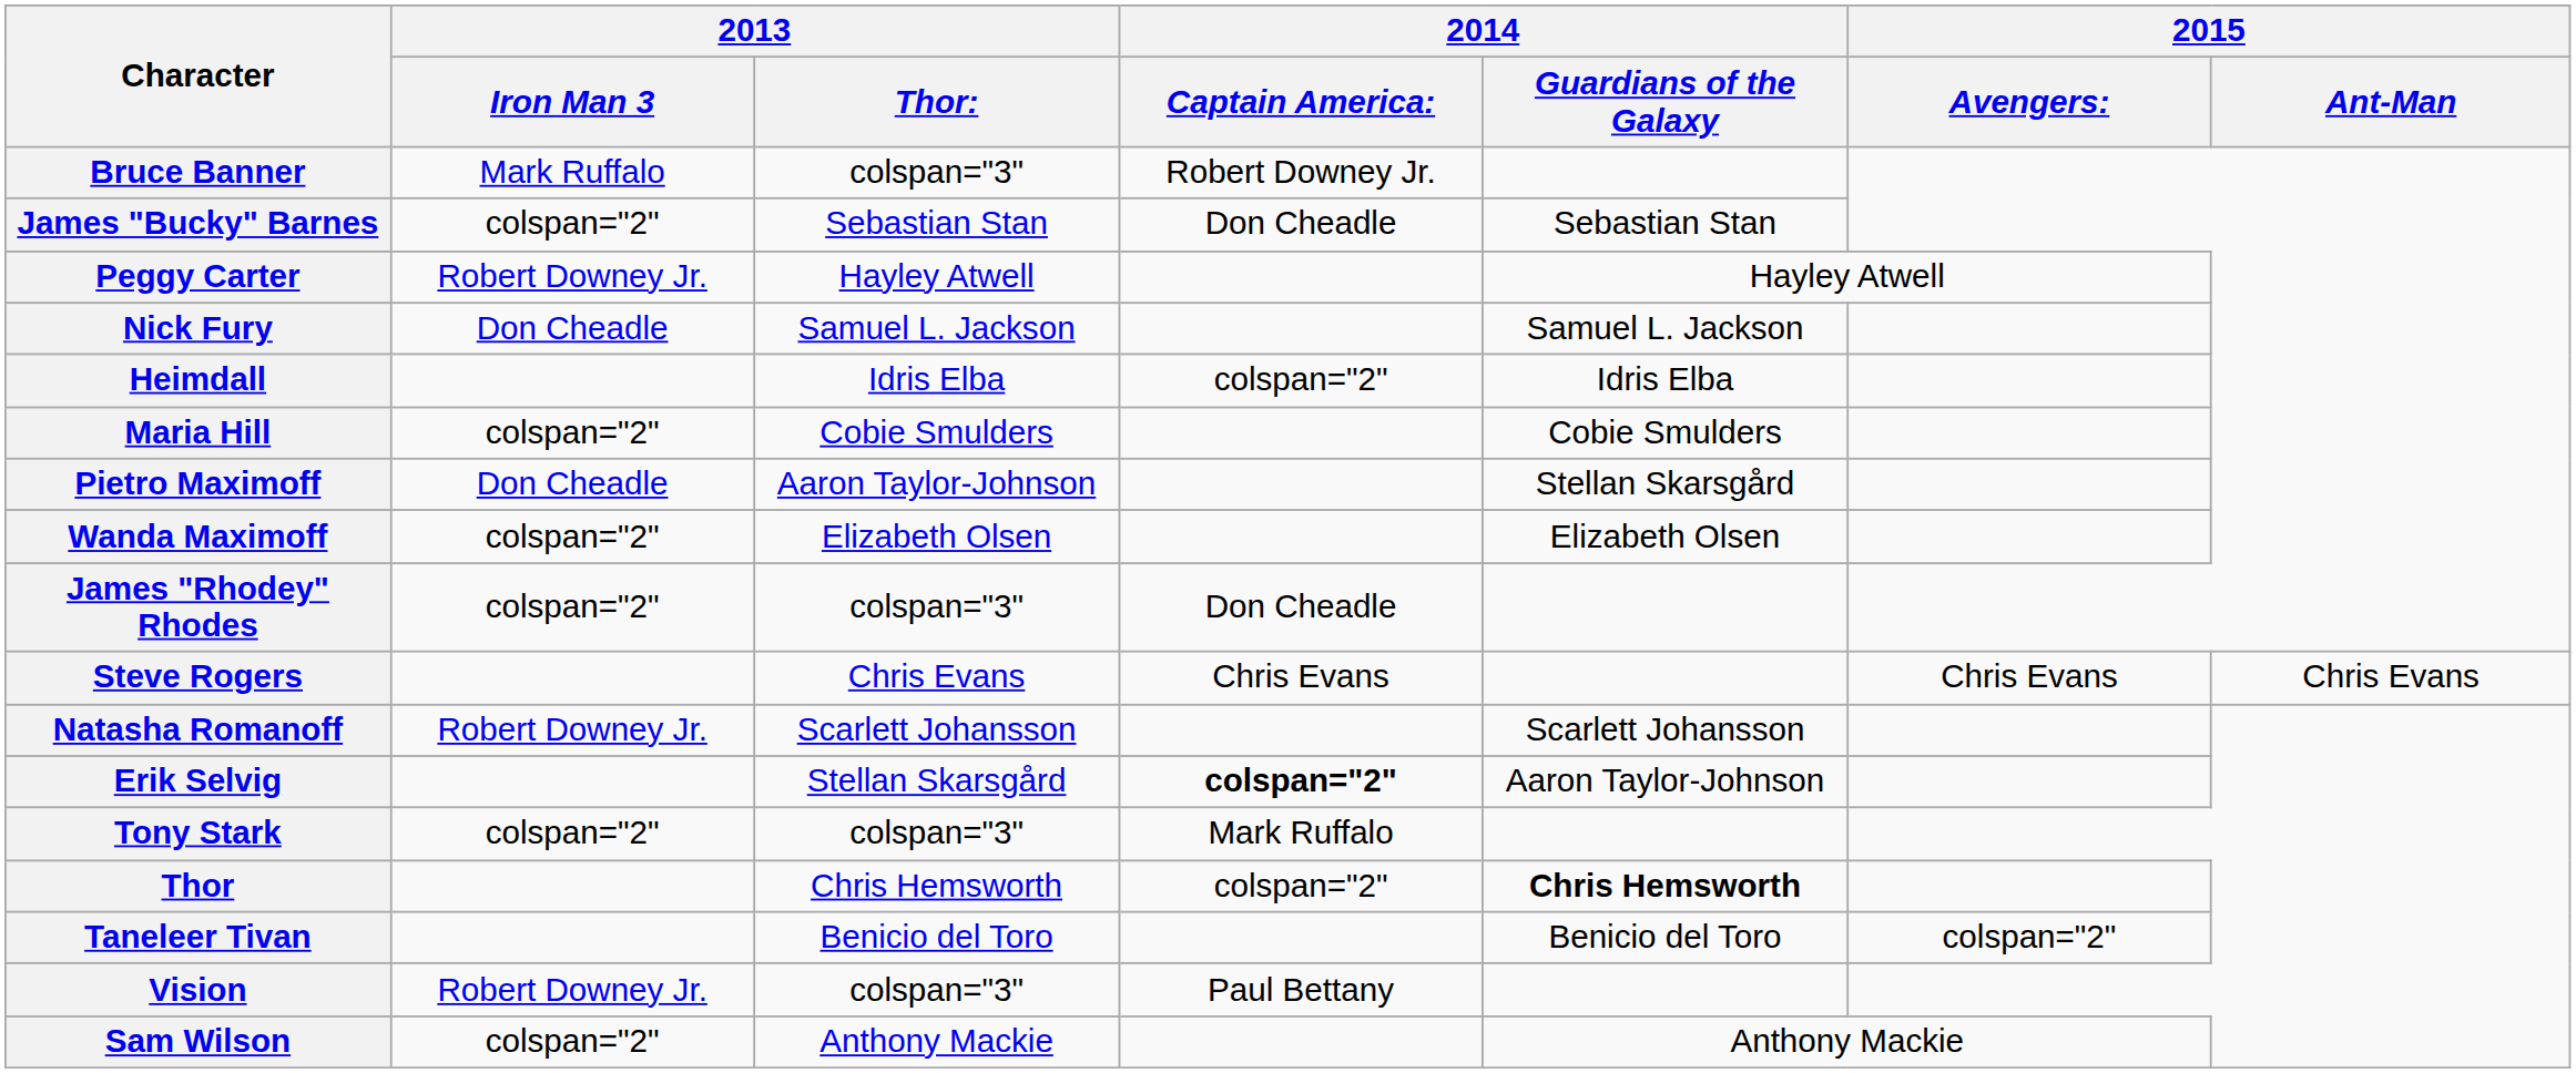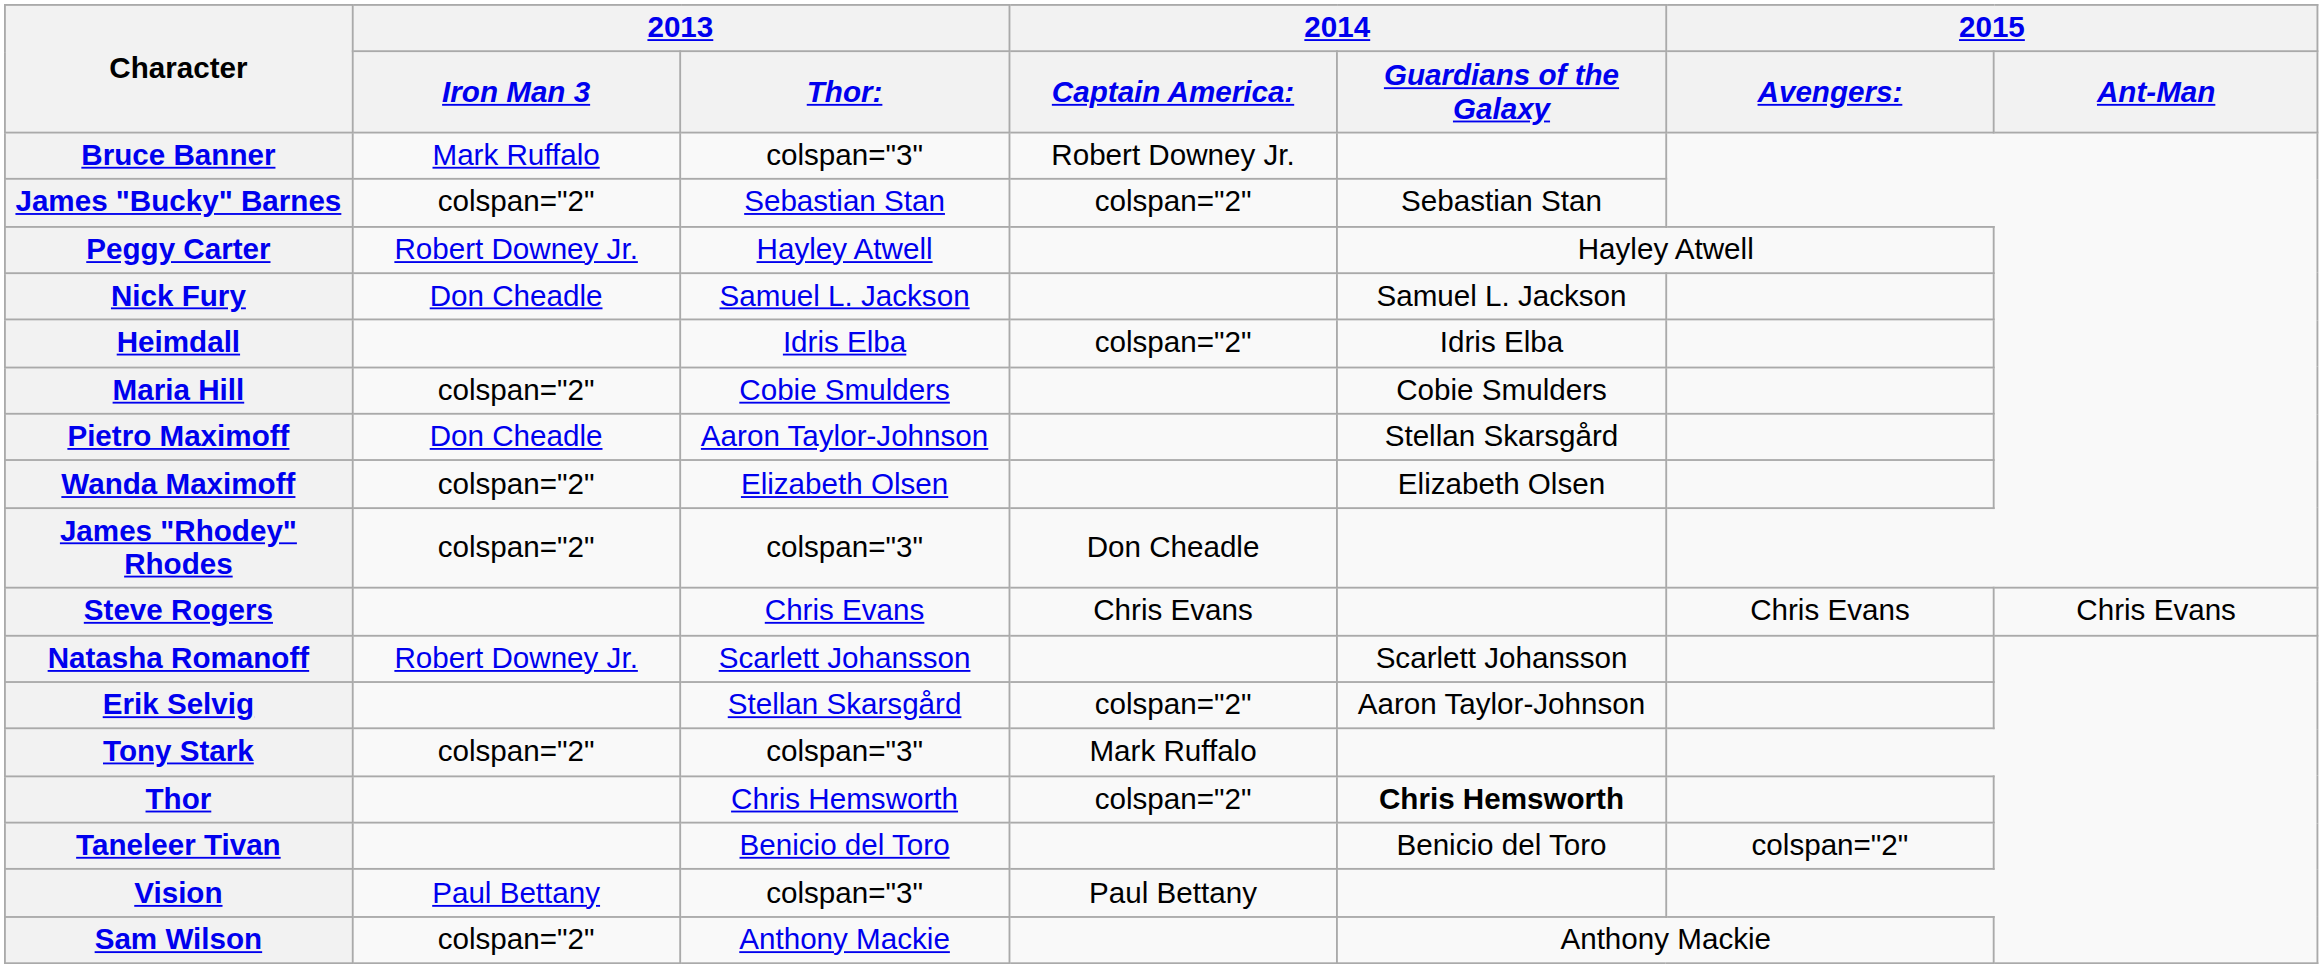 <table class="wikitable" style="text-align: center; width: 99%;">
 <tr>
 <th scope="col" rowspan="2" style="width: 15%;">Character</th>
 <th scope="colgroup" colspan="2"><a href='#'>2013</a></th>
 <th scope="colgroup" colspan="2"><a href='#'>2014</a></th>
 <th scope="colgroup" colspan="2"><a href='#'>2015</a></th>
 </tr>
 <tr>
 <th scope="col" style="width: 14.2%;"><em><a href='#'>Iron Man 3</a></em></th>
 <th scope="col" style="width: 14.2%;"><em><a href='#'>Thor:<br></a></em></th>
 <th scope="col" style="width: 14.2%;"><em><a href='#'>Captain America:<br></a></em></th>
 <th scope="col" style="width: 14.2%;"><em><a href='#'>Guardians of the Galaxy</a></em></th>
 <th scope="col" style="width: 14.2%;"><em><a href='#'>Avengers:<br></a></em></th>
 <th scope="col" style="width: 14.2%;"><em><a href='#'>Ant-Man</a></em></th>
 </tr>
 <tr>
 <th scope="row"><a href='#'>Bruce Banner<br></a></th>
 <td><a href='#'>Mark Ruffalo</a></td>
 <td>colspan="3" </td>
 <td>Robert Downey Jr.</td>
 <td></td>
 </tr>
 <tr>
 <th scope="row"><a href='#'>James "Bucky" Barnes<br></a></th>
 <td>colspan="2" </td>
 <td><a href='#'>Sebastian Stan</a></td>
-<td>Don Cheadle</td>
+<td>colspan="2" </td>
 <td>Sebastian Stan</td>
 </tr>
 <tr>
 <th scope="row"><a href='#'>Peggy Carter</a></th>
 <td><a href='#'>Robert Downey Jr.</a></td>
 <td><a href='#'>Hayley Atwell</a></td>
 <td></td>
 <td colspan="2">Hayley Atwell</td>
 </tr>
 <tr>
 <th scope="row"><a href='#'>Nick Fury</a></th>
 <td><a href='#'>Don Cheadle</a></td>
 <td><a href='#'>Samuel L. Jackson</a></td>
 <td></td>
 <td>Samuel L. Jackson</td>
 <td></td>
 </tr>
 <tr>
 <th scope="row"><a href='#'>Heimdall</a></th>
 <td></td>
 <td><a href='#'>Idris Elba</a></td>
 <td>colspan="2" </td>
 <td>Idris Elba</td>
 <td></td>
 </tr>
 <tr>
 <th scope="row"><a href='#'>Maria Hill</a></th>
 <td>colspan="2" </td>
 <td><a href='#'>Cobie Smulders</a></td>
 <td></td>
 <td>Cobie Smulders</td>
 <td></td>
 </tr>
 <tr>
 <th scope="row"><a href='#'>Pietro Maximoff<br></a></th>
 <td><a href='#'>Don Cheadle</a></td>
 <td><a href='#'>Aaron Taylor-Johnson</a></td>
 <td></td>
 <td>Stellan Skarsgård</td>
 <td></td>
 </tr>
 <tr>
 <th scope="row"><a href='#'>Wanda Maximoff</a></th>
 <td>colspan="2" </td>
 <td><a href='#'>Elizabeth Olsen</a></td>
 <td></td>
 <td>Elizabeth Olsen</td>
 <td></td>
 </tr>
 <tr>
 <th scope="row"><a href='#'>James "Rhodey" Rhodes<br></a></th>
 <td>colspan="2" </td>
 <td>colspan="3" </td>
 <td>Don Cheadle</td>
 <td></td>
 </tr>
 <tr>
 <th scope="row"><a href='#'>Steve Rogers<br></a></th>
 <td></td>
 <td><a href='#'>Chris Evans</a></td>
 <td>Chris Evans</td>
 <td></td>
 <td>Chris Evans</td>
 <td>Chris Evans</td>
 </tr>
 <tr>
 <th scope="row"><a href='#'>Natasha Romanoff<br></a></th>
 <td><a href='#'>Robert Downey Jr.</a></td>
 <td><a href='#'>Scarlett Johansson</a></td>
 <td></td>
 <td>Scarlett Johansson</td>
 <td></td>
 </tr>
 <tr>
 <th scope="row"><a href='#'>Erik Selvig</a></th>
 <td></td>
 <td><a href='#'>Stellan Skarsgård</a></td>
-<td><strong>colspan="2" </strong></td>
+<td>colspan="2" </td>
 <td>Aaron Taylor-Johnson</td>
 <td></td>
 </tr>
 <tr>
 <th scope="row"><a href='#'>Tony Stark<br></a></th>
 <td>colspan="2" </td>
 <td>colspan="3" </td>
 <td>Mark Ruffalo</td>
 <td></td>
 </tr>
 <tr>
 <th scope="row"><a href='#'>Thor</a></th>
 <td></td>
 <td><a href='#'>Chris Hemsworth</a></td>
 <td>colspan="2" </td>
 <td><strong>Chris Hemsworth</strong></td>
 <td></td>
 </tr>
 <tr>
 <th scope="row"><a href='#'>Taneleer Tivan<br></a></th>
 <td></td>
 <td><a href='#'>Benicio del Toro</a></td>
 <td></td>
 <td>Benicio del Toro</td>
 <td>colspan="2" </td>
 </tr>
 <tr>
 <th scope="row"><a href='#'>Vision</a><br></th>
-<td><a href='#'>Robert Downey Jr.</a></td>
+<td><a href='#'>Paul Bettany</a></td>
 <td>colspan="3" </td>
 <td>Paul Bettany</td>
 <td></td>
 </tr>
 <tr>
 <th scope="row"><a href='#'>Sam Wilson<br></a></th>
 <td>colspan="2" </td>
 <td><a href='#'>Anthony Mackie</a></td>
 <td></td>
 <td colspan="2">Anthony Mackie</td>
 </tr>
 </table>
